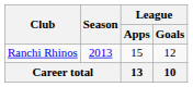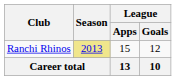 <table class="wikitable" style="font-size:90%; text-align:center;">
 <tr>
 <th rowspan="2">Club</th>
 <th rowspan="2">Season</th>
 <th colspan="2">League</th>
 </tr>
 <tr>
 <th>Apps</th>
 <th>Goals</th>
 </tr>
 <tr>
 <td rowspan="1"><a href='#'>Ranchi Rhinos</a></td>
-<td><a href='#'>2013</a></td>
+<td style="background: khaki;"><a href='#'>2013</a></td>
 <td>15</td>
 <td>12</td>
 </tr>
 <tr>
 <th colspan="2">Career total</th>
 <th>13</th>
 <th>10</th>
 </tr>
 </table>
